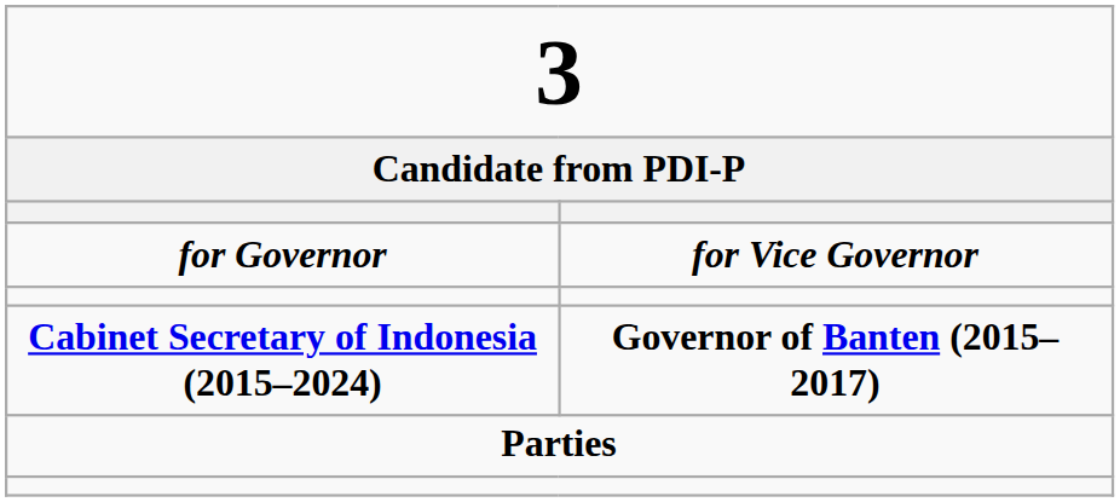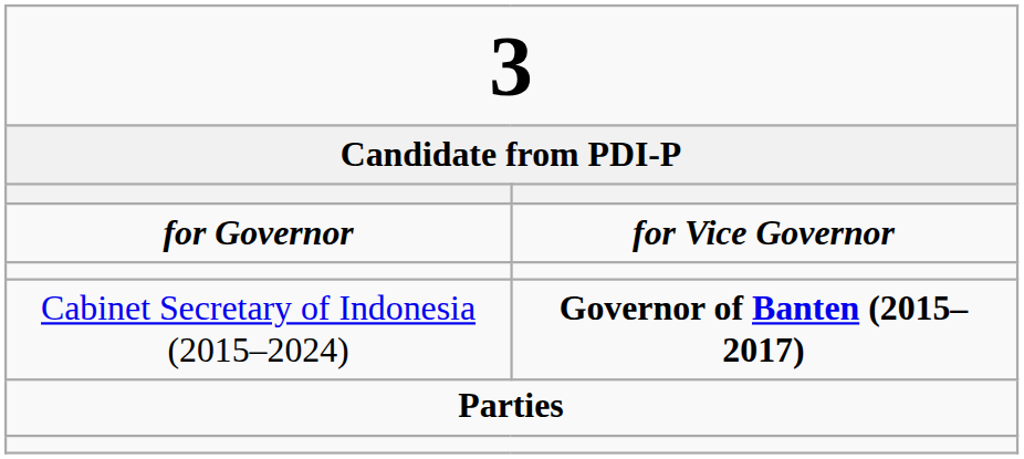 <table class="wikitable" style="font-size:90%; text-align:center;">
 <tr>
 <td colspan=2><big><big><big><big><big><strong>3</strong></big></big></big></big></big></td>
 </tr>
 <tr>
 <td colspan=2 style="background:#f1f1f1;"><strong>Candidate from PDI-P</strong></td>
 </tr>
 <tr>
 <th style="font-size:135%; background:#"><a href='#'></a></th>
 <th style="font-size:135%; background:#"><a href='#'></a></th>
 </tr>
 <tr style="color:#000; font-size:100%; background:#">
 <td style="width:3em; width:200px;"><strong><em>for Governor</em></strong></td>
 <td style="width:3em; width:200px;"><strong><em>for Vice Governor</em></strong></td>
 </tr>
 <tr>
 <td></td>
 <td></td>
 </tr>
 <tr>
-<td><strong><a href='#'>Cabinet Secretary of Indonesia</a> (2015–2024)</strong></td>
+<td><a href='#'>Cabinet Secretary of Indonesia</a> (2015–2024)</td>
 <td><strong>Governor of <a href='#'>Banten</a> (2015–2017)</strong></td>
 </tr>
 <tr>
 <td colspan=2><strong>Parties</strong></td>
 </tr>
 <tr>
 <td colspan=2> </td>
 </tr>
 </table>
